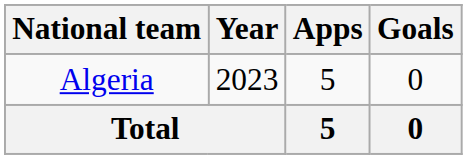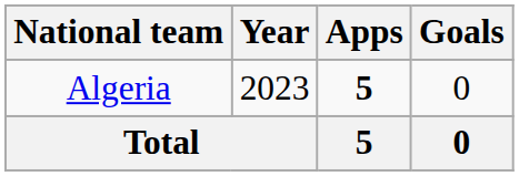 <table class="wikitable" style="text-align:center">
 <tr>
 <th>National team</th>
 <th>Year</th>
 <th>Apps</th>
 <th>Goals</th>
 </tr>
 <tr>
 <td><a href='#'>Algeria</a></td>
 <td>2023</td>
-<td>5</td>
+<td><strong>5</strong></td>
 <td>0</td>
 </tr>
 <tr>
 <th colspan="2">Total</th>
 <th>5</th>
 <th>0</th>
 </tr>
 </table>
